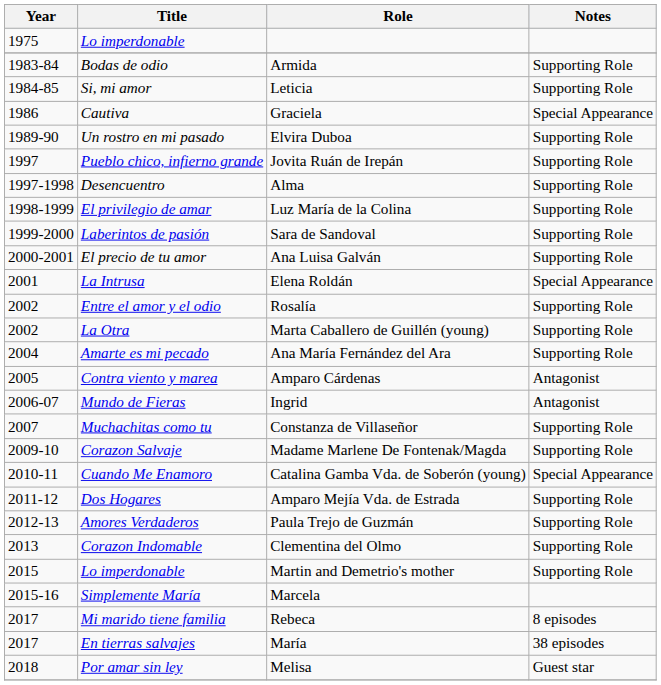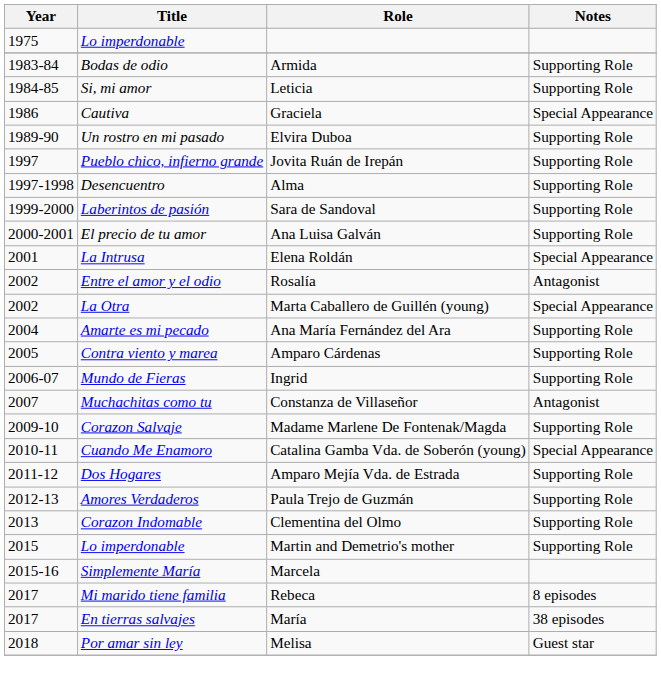 <table class="wikitable">
 <tr style="background:#b0c4de;">
 <th>Year</th>
 <th>Title</th>
 <th>Role</th>
 <th>Notes</th>
 </tr>
 <tr>
 <td>1975</td>
 <td><em><a href='#'>Lo imperdonable</a></em></td>
 <td></td>
 <td></td>
 </tr>
 <tr>
 </tr>
 <tr 1977|| >
 </tr>
 <tr>
 <td>1983-84</td>
 <td><em>Bodas de odio</em></td>
 <td>Armida</td>
 <td>Supporting Role</td>
 </tr>
 <tr>
 <td>1984-85</td>
 <td><em>Si, mi amor</em></td>
 <td>Leticia</td>
 <td>Supporting Role</td>
 </tr>
 <tr>
 <td>1986</td>
 <td><em>Cautiva</em></td>
 <td>Graciela</td>
 <td>Special Appearance</td>
 </tr>
 <tr>
 <td>1989-90</td>
 <td><em>Un rostro en mi pasado</em></td>
 <td>Elvira Duboa</td>
 <td>Supporting Role</td>
 </tr>
 <tr>
 <td>1997</td>
 <td><em><a href='#'>Pueblo chico, infierno grande</a></em></td>
 <td>Jovita Ruán de Irepán</td>
 <td>Supporting Role</td>
 </tr>
 <tr>
 <td>1997-1998</td>
 <td><em>Desencuentro</em></td>
 <td>Alma</td>
 <td>Supporting Role</td>
 </tr>
 <tr>
-<td>1998-1999</td>
-<td><em><a href='#'>El privilegio de amar</a></em></td>
-<td>Luz María de la Colina</td>
-<td>Supporting Role</td>
-</tr>
-<tr>
 <td>1999-2000</td>
 <td><em><a href='#'>Laberintos de pasión</a></em></td>
 <td>Sara de Sandoval</td>
 <td>Supporting Role</td>
 </tr>
 <tr>
 <td>2000-2001</td>
 <td><em>El precio de tu amor</em></td>
 <td>Ana Luisa Galván</td>
 <td>Supporting Role</td>
 </tr>
 <tr>
 <td>2001</td>
 <td><em><a href='#'>La Intrusa</a></em></td>
 <td>Elena Roldán</td>
 <td>Special Appearance</td>
 </tr>
 <tr>
 <td>2002</td>
 <td><em><a href='#'>Entre el amor y el odio</a></em></td>
 <td>Rosalía</td>
-<td>Supporting Role</td>
+<td>Antagonist</td>
 </tr>
 <tr>
 <td>2002</td>
 <td><em><a href='#'>La Otra</a></em></td>
 <td>Marta Caballero de Guillén (young)</td>
-<td>Supporting Role</td>
+<td>Special Appearance</td>
 </tr>
 <tr>
 <td>2004</td>
 <td><em><a href='#'>Amarte es mi pecado</a></em></td>
 <td>Ana María Fernández del Ara</td>
 <td>Supporting Role</td>
 </tr>
 <tr>
 <td>2005</td>
 <td><em><a href='#'>Contra viento y marea</a></em></td>
 <td>Amparo Cárdenas</td>
-<td>Antagonist</td>
+<td>Supporting Role</td>
 </tr>
 <tr>
 <td>2006-07</td>
 <td><em><a href='#'>Mundo de Fieras</a></em></td>
 <td>Ingrid</td>
-<td>Antagonist</td>
+<td>Supporting Role</td>
 </tr>
 <tr>
 <td>2007</td>
 <td><em><a href='#'>Muchachitas como tu</a></em></td>
 <td>Constanza de Villaseñor</td>
-<td>Supporting Role</td>
+<td>Antagonist</td>
 </tr>
 <tr>
 <td>2009-10</td>
 <td><em><a href='#'>Corazon Salvaje</a></em></td>
 <td>Madame Marlene De Fontenak/Magda</td>
 <td>Supporting Role</td>
 </tr>
 <tr>
 <td>2010-11</td>
 <td><em><a href='#'>Cuando Me Enamoro</a></em></td>
 <td>Catalina Gamba Vda. de Soberón (young)</td>
 <td>Special Appearance</td>
 </tr>
 <tr>
 <td>2011-12</td>
 <td><em><a href='#'>Dos Hogares</a></em></td>
 <td>Amparo Mejía Vda. de Estrada</td>
 <td>Supporting Role</td>
 </tr>
 <tr>
 <td>2012-13</td>
 <td><em><a href='#'>Amores Verdaderos</a></em></td>
 <td>Paula Trejo de Guzmán</td>
 <td>Supporting Role</td>
 </tr>
 <tr>
 <td>2013</td>
 <td><em><a href='#'>Corazon Indomable</a></em></td>
 <td>Clementina del Olmo</td>
 <td>Supporting Role</td>
 </tr>
 <tr>
 <td>2015</td>
 <td><em><a href='#'>Lo imperdonable</a></em></td>
 <td>Martin and Demetrio's mother</td>
 <td>Supporting Role</td>
 </tr>
 <tr>
 <td>2015-16</td>
 <td><em><a href='#'>Simplemente María</a></em></td>
 <td>Marcela</td>
 </tr>
 <tr>
 <td>2017</td>
 <td><em><a href='#'>Mi marido tiene familia</a></em></td>
 <td>Rebeca</td>
 <td>8 episodes</td>
 </tr>
 <tr>
 <td>2017</td>
 <td><em><a href='#'>En tierras salvajes</a></em></td>
 <td>María</td>
 <td>38 episodes</td>
 </tr>
 <tr>
 <td>2018</td>
 <td><em><a href='#'>Por amar sin ley</a></em></td>
 <td>Melisa</td>
 <td>Guest star</td>
 </tr>
 <tr>
 </tr>
 </table>
